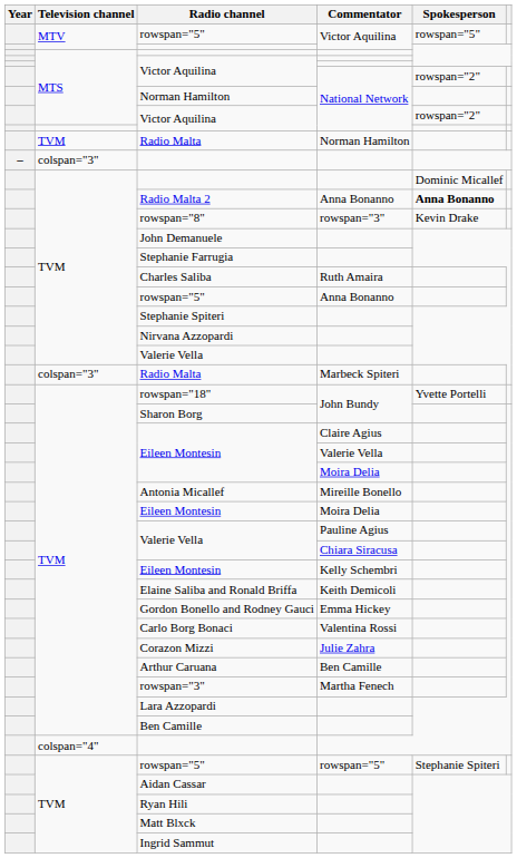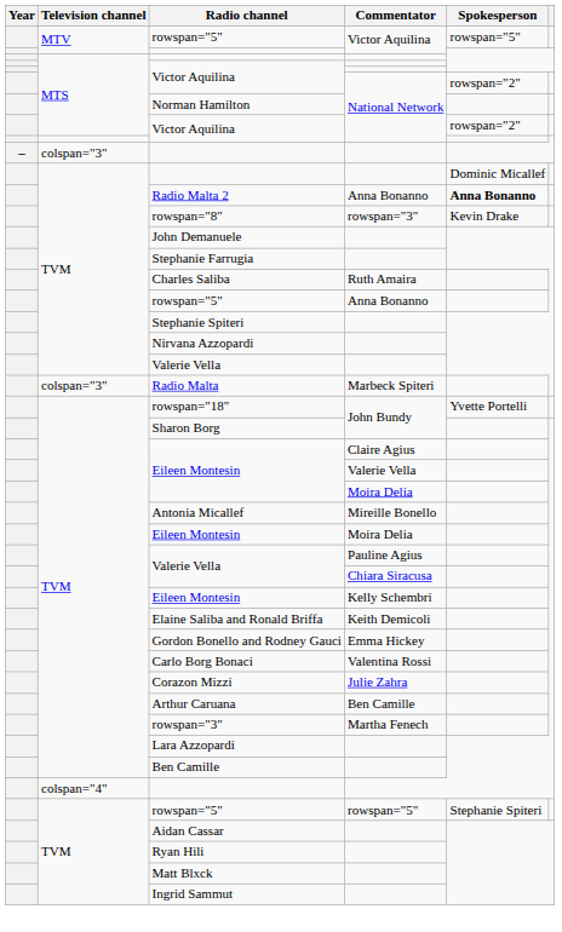 <table class="wikitable plainrowheaders">
 <tr>
 <th>Year</th>
 <th>Television channel</th>
 <th>Radio channel</th>
 <th>Commentator</th>
 <th>Spokesperson</th>
 <th></th>
 </tr>
 <tr>
 <th scope="row"></th>
 <td rowspan="2"><a href='#'>MTV</a></td>
 <td>rowspan="5"  </td>
 <td rowspan="2">Victor Aquilina</td>
 <td>rowspan="5" </td>
 <td style="text-align:center;"></td>
 </tr>
 <tr>
 <th scope="row"></th>
 <td style="text-align:center;"></td>
 </tr>
 <tr>
 <th scope="row"></th>
 <td rowspan="6"><a href='#'>MTS</a></td>
 <td></td>
 <td style="text-align:center;"></td>
 </tr>
 <tr>
 <th scope="row"></th>
 <td rowspan="3">Victor Aquilina</td>
 <td style="text-align:center;"></td>
 </tr>
 <tr>
 <th scope="row"></th>
 <td style="text-align:center;"></td>
 </tr>
 <tr>
 <th scope="row"></th>
 <td rowspan="4"><a href='#'>National Network</a></td>
 <td>rowspan="2" </td>
 <td style="text-align:center;"></td>
 </tr>
 <tr>
 <th scope="row"></th>
 <td>Norman Hamilton</td>
 <td style="text-align:center;"></td>
 </tr>
 <tr>
 <th scope="row"></th>
 <td rowspan="2">Victor Aquilina</td>
 <td>rowspan="2" </td>
 <td style="text-align:center;"></td>
 </tr>
 <tr>
 <th scope="row"></th>
-<td></td>
-<td style="text-align:center;"></td>
-</tr>
-<tr>
-<th scope="row"></th>
-<td><a href='#'>TVM</a></td>
-<td><a href='#'>Radio Malta</a></td>
-<td>Norman Hamilton</td>
 <td></td>
 <td style="text-align:center;"></td>
 </tr>
 <tr>
 <th scope="row">–</th>
 <td>colspan="3" </td>
 <td></td>
 <td></td>
 </tr>
 <tr>
 <th scope="row"></th>
 <td rowspan="10">TVM</td>
 <td></td>
 <td></td>
 <td>Dominic Micallef</td>
 <td style="text-align:center;"></td>
 </tr>
 <tr>
 <th scope="row"></th>
 <td><a href='#'>Radio Malta 2</a></td>
 <td>Anna Bonanno</td>
 <td><strong>Anna Bonanno</strong></td>
 <td style="text-align:center;"></td>
 </tr>
 <tr>
 <th scope="row"></th>
 <td>rowspan="8" </td>
 <td>rowspan="3" </td>
 <td>Kevin Drake</td>
 <td style="text-align:center;"></td>
 </tr>
 <tr>
 <th scope="row"></th>
 <td>John Demanuele</td>
 <td style="text-align:center;"></td>
 </tr>
 <tr>
 <th scope="row"></th>
 <td>Stephanie Farrugia</td>
 <td style="text-align:center;"></td>
 </tr>
 <tr>
 <th scope="row"></th>
 <td>Charles Saliba</td>
 <td>Ruth Amaira</td>
 <td style="text-align:center;"></td>
 </tr>
 <tr>
 <th scope="row"></th>
 <td>rowspan="5" </td>
 <td>Anna Bonanno</td>
 <td></td>
 </tr>
 <tr>
 <th scope="row"></th>
 <td>Stephanie Spiteri</td>
 <td style="text-align:center;"></td>
 </tr>
 <tr>
 <th scope="row"></th>
 <td>Nirvana Azzopardi</td>
 <td style="text-align:center;"></td>
 </tr>
 <tr>
 <th scope="row"></th>
 <td>Valerie Vella</td>
 <td style="text-align:center;"></td>
 </tr>
 <tr>
 <th scope="row"></th>
 <td>colspan="3" </td>
 <td><a href='#'>Radio Malta</a></td>
 <td>Marbeck Spiteri</td>
 <td style="text-align:center;"></td>
 </tr>
 <tr>
 <th scope="row"></th>
 <td rowspan="18"><a href='#'>TVM</a></td>
 <td>rowspan="18" </td>
 <td rowspan="2">John Bundy</td>
 <td>Yvette Portelli</td>
 <td style="text-align:center;"></td>
 </tr>
 <tr>
 <th scope="row"></th>
 <td>Sharon Borg</td>
 <td style="text-align:center;"></td>
 </tr>
 <tr>
 <th scope="row"></th>
 <td rowspan="3"><a href='#'>Eileen Montesin</a></td>
 <td>Claire Agius</td>
 <td style="text-align:center;"></td>
 </tr>
 <tr>
 <th scope="row"></th>
 <td>Valerie Vella</td>
 <td style="text-align:center;"></td>
 </tr>
 <tr>
 <th scope="row"></th>
 <td><a href='#'>Moira Delia</a></td>
 <td style="text-align:center;"></td>
 </tr>
 <tr>
 <th scope="row"></th>
 <td>Antonia Micallef</td>
 <td>Mireille Bonello</td>
 <td style="text-align:center;"></td>
 </tr>
 <tr>
 <th scope="row"></th>
 <td><a href='#'>Eileen Montesin</a></td>
 <td>Moira Delia</td>
 <td style="text-align:center;"></td>
 </tr>
 <tr>
 <th scope="row"></th>
 <td rowspan="2">Valerie Vella</td>
 <td>Pauline Agius</td>
 <td style="text-align:center;"></td>
 </tr>
 <tr>
 <th scope="row"></th>
 <td><a href='#'>Chiara Siracusa</a></td>
 <td style="text-align:center;"></td>
 </tr>
 <tr>
 <th scope="row"></th>
 <td><a href='#'>Eileen Montesin</a></td>
 <td>Kelly Schembri</td>
 <td style="text-align:center;"></td>
 </tr>
 <tr>
 <th scope="row"></th>
 <td>Elaine Saliba and Ronald Briffa</td>
 <td>Keith Demicoli</td>
 <td style="text-align:center;"></td>
 </tr>
 <tr>
 <th scope="row"></th>
 <td>Gordon Bonello and Rodney Gauci</td>
 <td>Emma Hickey</td>
 <td style="text-align:center;"></td>
 </tr>
 <tr>
 <th scope="row"></th>
 <td>Carlo Borg Bonaci</td>
 <td>Valentina Rossi</td>
 <td style="text-align:center;"></td>
 </tr>
 <tr>
 <th scope="row"></th>
 <td>Corazon Mizzi</td>
 <td><a href='#'>Julie Zahra</a></td>
 <td></td>
 </tr>
 <tr>
 <th scope="row"></th>
 <td>Arthur Caruana</td>
 <td>Ben Camille</td>
 <td style="text-align:center;"></td>
 </tr>
 <tr>
 <th scope="row"></th>
 <td>rowspan="3" </td>
 <td>Martha Fenech</td>
 <td></td>
 </tr>
 <tr>
 <th scope="row"></th>
 <td>Lara Azzopardi</td>
 <td style="text-align:center;"></td>
 </tr>
 <tr>
 <th scope="row"></th>
 <td>Ben Camille</td>
 <td style="text-align:center;"></td>
 </tr>
 <tr>
 <th scope="row"></th>
 <td>colspan="4" </td>
 <td></td>
 </tr>
 <tr>
 <th scope="row"></th>
 <td rowspan="5">TVM</td>
 <td>rowspan="5" </td>
 <td>rowspan="5" </td>
 <td>Stephanie Spiteri</td>
 <td style="text-align:center;"></td>
 </tr>
 <tr>
 <th scope="row"></th>
 <td>Aidan Cassar</td>
 <td style="text-align:center;"></td>
 </tr>
 <tr>
 <th scope="row"></th>
 <td>Ryan Hili</td>
 <td style="text-align:center;"></td>
 </tr>
 <tr>
 <th scope="row"></th>
 <td>Matt Blxck</td>
 <td style="text-align:center;"></td>
 </tr>
 <tr>
 <th scope="row"></th>
 <td>Ingrid Sammut</td>
 <td style="text-align:center;"></td>
 </tr>
 </table>
